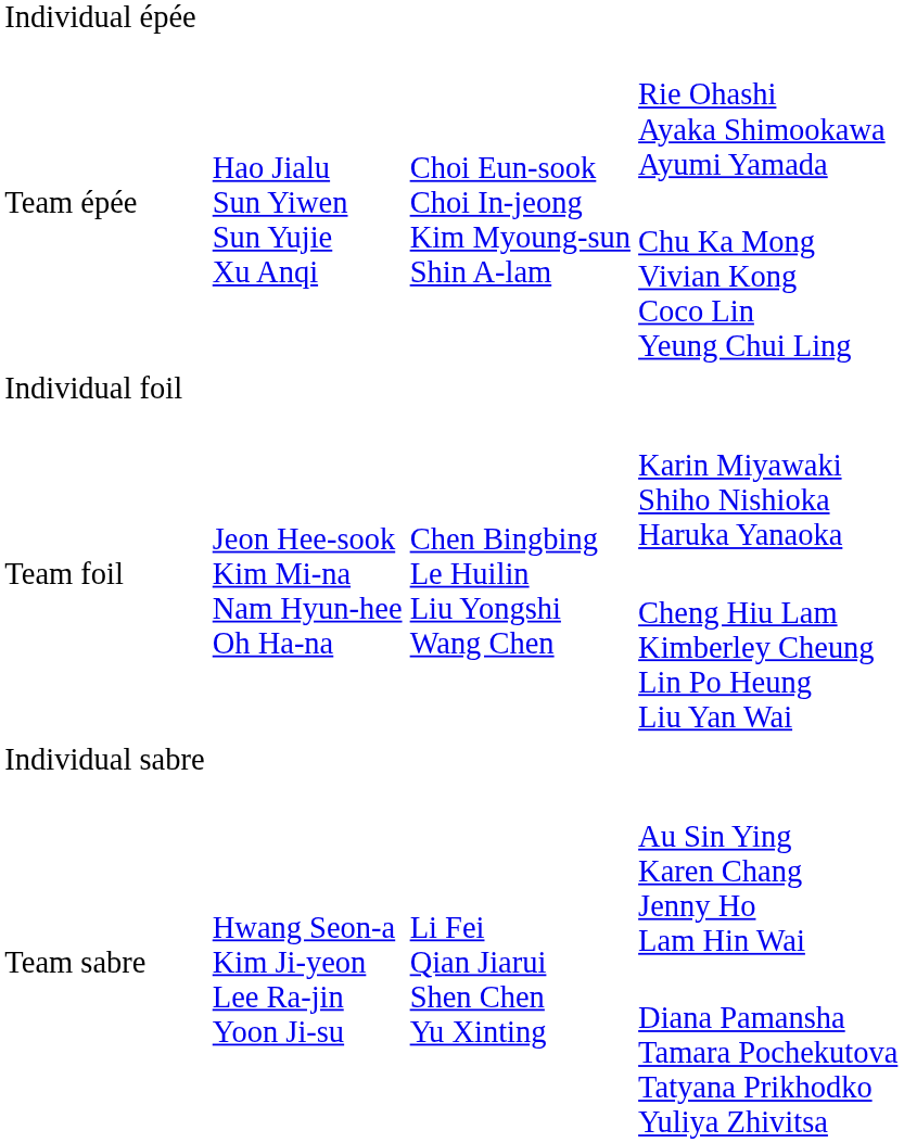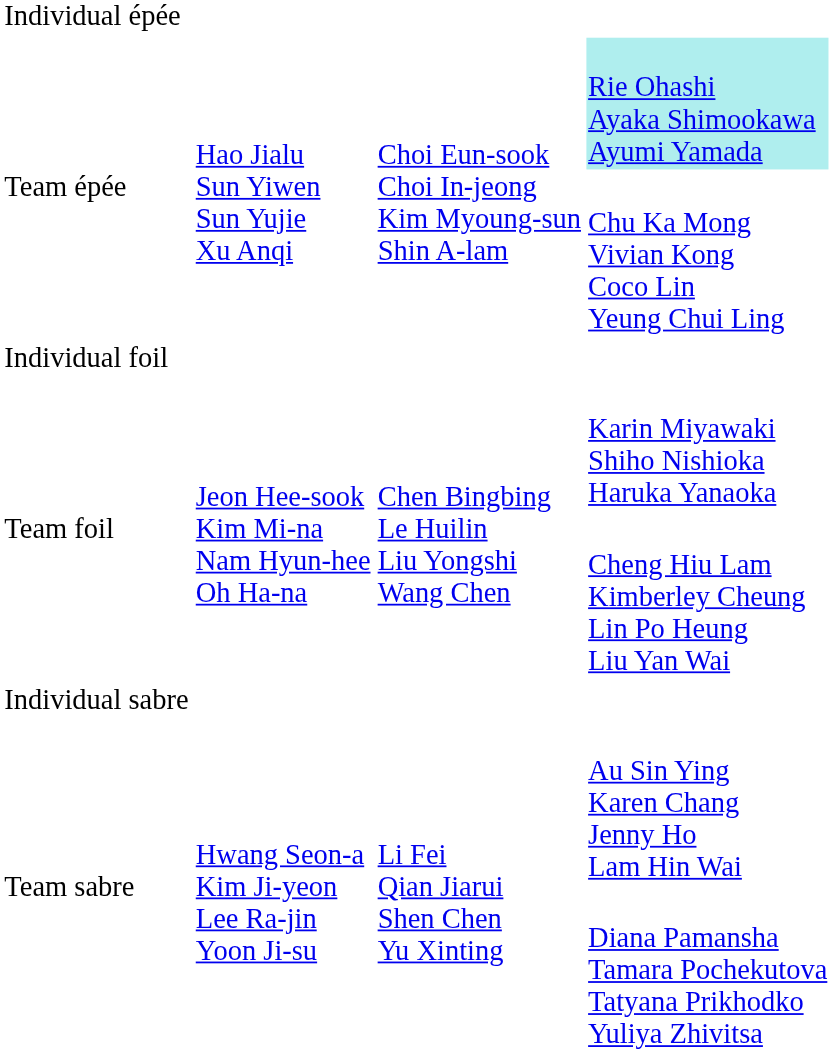 <table>
 <tr>
 <td rowspan=2>Individual épée<br></td>
 <td rowspan=2></td>
 <td rowspan=2></td>
 <td></td>
 </tr>
 <tr>
 <td></td>
 </tr>
 <tr>
 <td rowspan=2>Team épée<br></td>
 <td rowspan=2><br><a href='#'>Hao Jialu</a><br><a href='#'>Sun Yiwen</a><br><a href='#'>Sun Yujie</a><br><a href='#'>Xu Anqi</a></td>
 <td rowspan=2><br><a href='#'>Choi Eun-sook</a><br><a href='#'>Choi In-jeong</a><br><a href='#'>Kim Myoung-sun</a><br><a href='#'>Shin A-lam</a></td>
-<td><br><a href='#'>Rie Ohashi</a><br><a href='#'>Ayaka Shimookawa</a><br><a href='#'>Ayumi Yamada</a></td>
+<td style="background: paleturquoise;"><br><a href='#'>Rie Ohashi</a><br><a href='#'>Ayaka Shimookawa</a><br><a href='#'>Ayumi Yamada</a></td>
 </tr>
 <tr>
 <td><br><a href='#'>Chu Ka Mong</a><br><a href='#'>Vivian Kong</a><br><a href='#'>Coco Lin</a><br><a href='#'>Yeung Chui Ling</a></td>
 </tr>
 <tr>
 <td rowspan=2>Individual foil<br></td>
 <td rowspan=2></td>
 <td rowspan=2></td>
 <td></td>
 </tr>
 <tr>
 <td></td>
 </tr>
 <tr>
 <td rowspan=2>Team foil<br></td>
 <td rowspan=2><br><a href='#'>Jeon Hee-sook</a><br><a href='#'>Kim Mi-na</a><br><a href='#'>Nam Hyun-hee</a><br><a href='#'>Oh Ha-na</a></td>
 <td rowspan=2><br><a href='#'>Chen Bingbing</a><br><a href='#'>Le Huilin</a><br><a href='#'>Liu Yongshi</a><br><a href='#'>Wang Chen</a></td>
 <td><br><a href='#'>Karin Miyawaki</a><br><a href='#'>Shiho Nishioka</a><br><a href='#'>Haruka Yanaoka</a></td>
 </tr>
 <tr>
 <td><br><a href='#'>Cheng Hiu Lam</a><br><a href='#'>Kimberley Cheung</a><br><a href='#'>Lin Po Heung</a><br><a href='#'>Liu Yan Wai</a></td>
 </tr>
 <tr>
 <td rowspan=2>Individual sabre<br></td>
 <td rowspan=2></td>
 <td rowspan=2></td>
 <td></td>
 </tr>
 <tr>
 <td></td>
 </tr>
 <tr>
 <td rowspan=2>Team sabre<br></td>
 <td rowspan=2><br><a href='#'>Hwang Seon-a</a><br><a href='#'>Kim Ji-yeon</a><br><a href='#'>Lee Ra-jin</a><br><a href='#'>Yoon Ji-su</a></td>
 <td rowspan=2><br><a href='#'>Li Fei</a><br><a href='#'>Qian Jiarui</a><br><a href='#'>Shen Chen</a><br><a href='#'>Yu Xinting</a></td>
 <td><br><a href='#'>Au Sin Ying</a><br><a href='#'>Karen Chang</a><br><a href='#'>Jenny Ho</a><br><a href='#'>Lam Hin Wai</a></td>
 </tr>
 <tr>
 <td><br><a href='#'>Diana Pamansha</a><br><a href='#'>Tamara Pochekutova</a><br><a href='#'>Tatyana Prikhodko</a><br><a href='#'>Yuliya Zhivitsa</a></td>
 </tr>
 </table>
